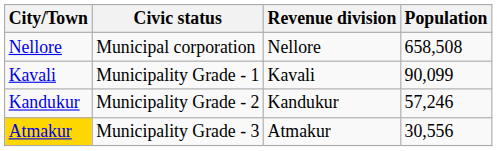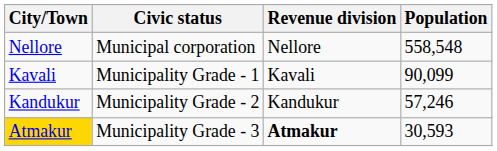 <table class="wikitable sortable">
 <tr>
 <th>City/Town</th>
 <th>Civic status</th>
 <th>Revenue division</th>
 <th>Population</th>
 </tr>
 <tr>
 <td><a href='#'>Nellore</a></td>
 <td>Municipal corporation</td>
 <td>Nellore</td>
-<td>658,508</td>
+<td>558,548</td>
 </tr>
 <tr>
 <td><a href='#'>Kavali</a></td>
 <td>Municipality Grade - 1</td>
 <td>Kavali</td>
 <td>90,099</td>
 </tr>
 <tr>
 <td><a href='#'>Kandukur</a></td>
 <td>Municipality Grade - 2</td>
 <td>Kandukur</td>
 <td>57,246</td>
 </tr>
 <tr>
 <td style="background: gold;"><a href='#'>Atmakur</a></td>
 <td>Municipality Grade - 3</td>
-<td>Atmakur</td>
-<td>30,556</td>
+<td><strong>Atmakur</strong></td>
+<td>30,593</td>
 </tr>
 </table>
